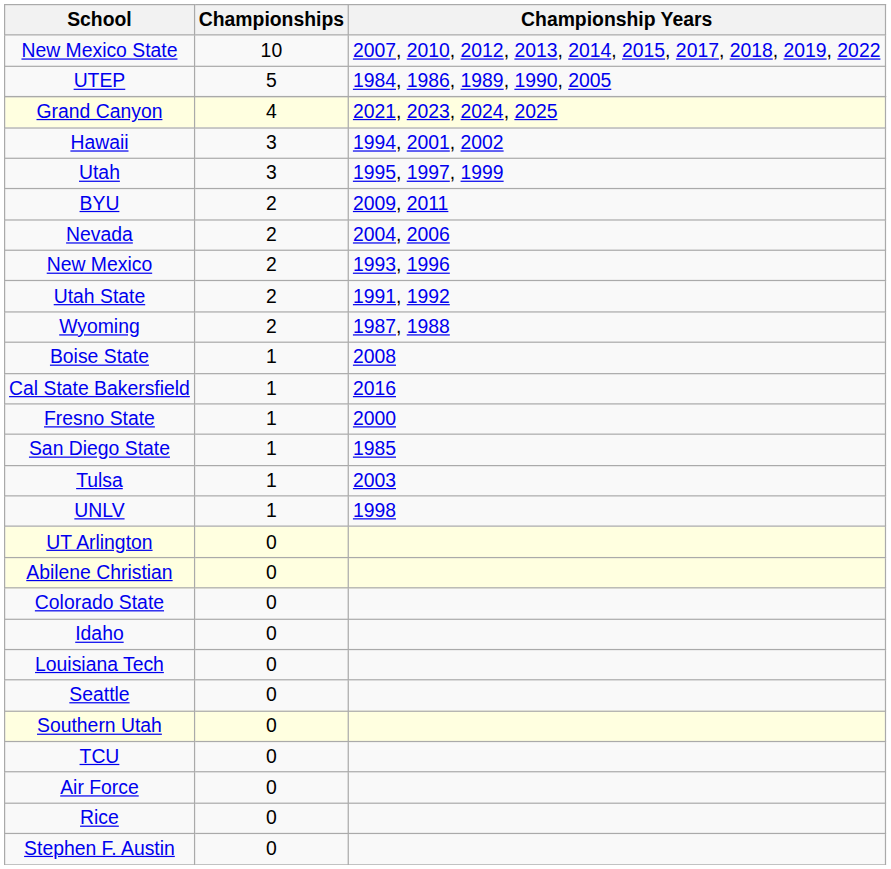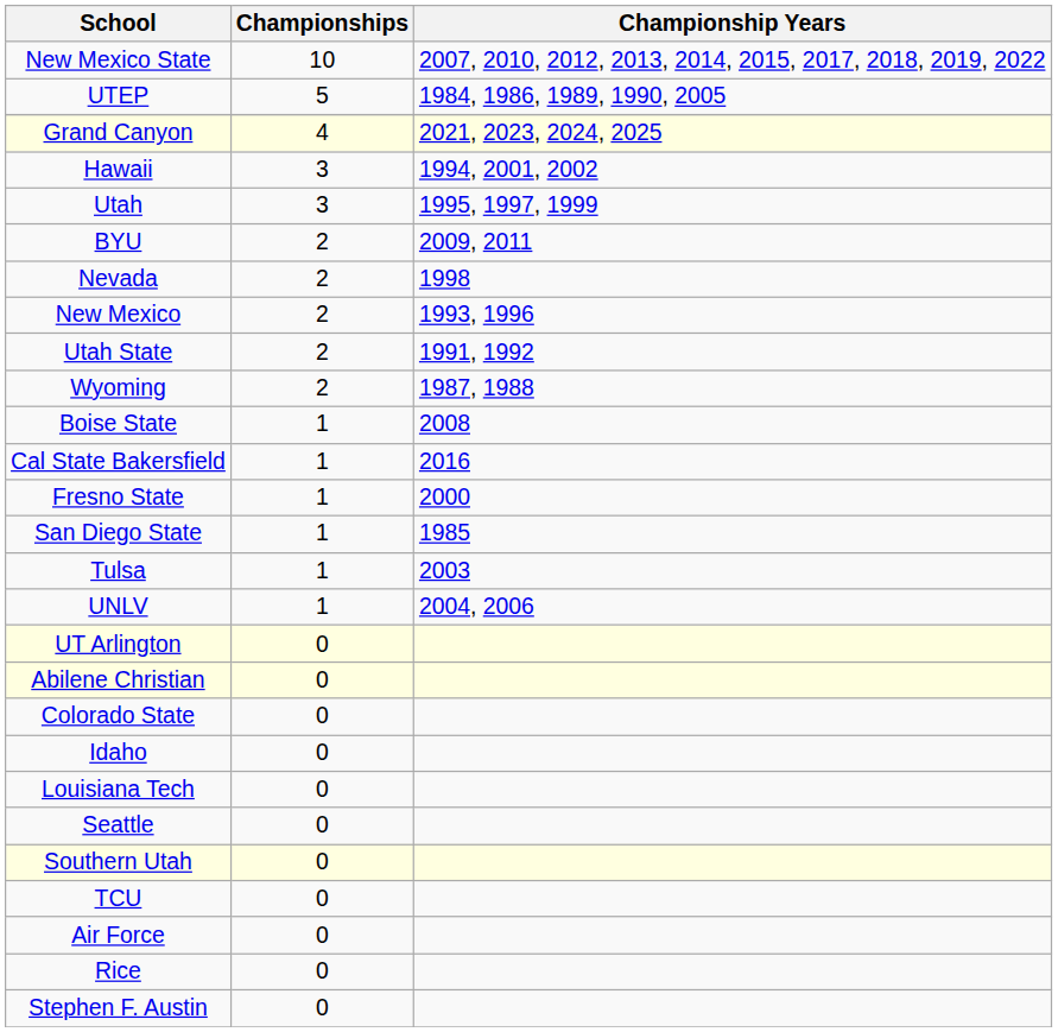 <table class="wikitable sortable" style="text-align:center">
 <tr>
 <th width=px>School</th>
 <th width=px>Championships</th>
 <th width=px>Championship Years</th>
 </tr>
 <tr>
 <td><a href='#'>New Mexico State</a></td>
 <td>10</td>
 <td align=left><a href='#'>2007</a>, <a href='#'>2010</a>, <a href='#'>2012</a>, <a href='#'>2013</a>, <a href='#'>2014</a>, <a href='#'>2015</a>, <a href='#'>2017</a>, <a href='#'>2018</a>, <a href='#'>2019</a>, <a href='#'>2022</a></td>
 </tr>
 <tr>
 <td><a href='#'>UTEP</a></td>
 <td>5</td>
 <td align=left><a href='#'>1984</a>, <a href='#'>1986</a>, <a href='#'>1989</a>, <a href='#'>1990</a>, <a href='#'>2005</a></td>
 </tr>
 <tr>
 </tr>
 <tr bgcolor=#ffffe0>
 <td><a href='#'>Grand Canyon</a></td>
 <td>4</td>
 <td align=left><a href='#'>2021</a>, <a href='#'>2023</a>, <a href='#'>2024</a>, <a href='#'>2025</a></td>
 </tr>
 <tr>
 <td><a href='#'>Hawaii</a></td>
 <td>3</td>
 <td align=left><a href='#'>1994</a>, <a href='#'>2001</a>, <a href='#'>2002</a></td>
 </tr>
 <tr>
 <td><a href='#'>Utah</a></td>
 <td>3</td>
 <td align=left><a href='#'>1995</a>, <a href='#'>1997</a>, <a href='#'>1999</a></td>
 </tr>
 <tr>
 <td><a href='#'>BYU</a></td>
 <td>2</td>
 <td align=left><a href='#'>2009</a>, <a href='#'>2011</a></td>
 </tr>
 <tr>
 <td><a href='#'>Nevada</a></td>
 <td>2</td>
-<td align=left><a href='#'>2004</a>, <a href='#'>2006</a></td>
+<td align=left><a href='#'>1998</a></td>
 </tr>
 <tr>
 <td><a href='#'>New Mexico</a></td>
 <td>2</td>
 <td align=left><a href='#'>1993</a>, <a href='#'>1996</a></td>
 </tr>
 <tr>
 <td><a href='#'>Utah State</a></td>
 <td>2</td>
 <td align=left><a href='#'>1991</a>, <a href='#'>1992</a></td>
 </tr>
 <tr>
 <td><a href='#'>Wyoming</a></td>
 <td>2</td>
 <td align=left><a href='#'>1987</a>, <a href='#'>1988</a></td>
 </tr>
 <tr>
 <td><a href='#'>Boise State</a></td>
 <td>1</td>
 <td align=left><a href='#'>2008</a></td>
 </tr>
 <tr>
 <td><a href='#'>Cal State Bakersfield</a></td>
 <td>1</td>
 <td align=left><a href='#'>2016</a></td>
 </tr>
 <tr>
 <td><a href='#'>Fresno State</a></td>
 <td>1</td>
 <td align=left><a href='#'>2000</a></td>
 </tr>
 <tr>
 <td><a href='#'>San Diego State</a></td>
 <td>1</td>
 <td align=left><a href='#'>1985</a></td>
 </tr>
 <tr>
 <td><a href='#'>Tulsa</a></td>
 <td>1</td>
 <td align=left><a href='#'>2003</a></td>
 </tr>
 <tr>
 <td><a href='#'>UNLV</a></td>
 <td>1</td>
-<td align=left><a href='#'>1998</a></td>
+<td align=left><a href='#'>2004</a>, <a href='#'>2006</a></td>
 </tr>
 <tr bgcolor=#ffffe0>
 <td><a href='#'>UT Arlington</a></td>
 <td>0</td>
 <td align=left></td>
 </tr>
 <tr bgcolor=#ffffe0>
 <td><a href='#'>Abilene Christian</a></td>
 <td>0</td>
 <td align=left></td>
 </tr>
 <tr>
 <td><a href='#'>Colorado State</a></td>
 <td>0</td>
 <td align=left></td>
 </tr>
 <tr>
 <td><a href='#'>Idaho</a></td>
 <td>0</td>
 <td align=left></td>
 </tr>
 <tr>
 <td><a href='#'>Louisiana Tech</a></td>
 <td>0</td>
 <td align=left></td>
 </tr>
 <tr>
 <td><a href='#'>Seattle</a></td>
 <td>0</td>
 <td align=left></td>
 </tr>
 <tr bgcolor=#ffffe0>
 <td><a href='#'>Southern Utah</a></td>
 <td>0</td>
 <td align=left></td>
 </tr>
 <tr>
 <td><a href='#'>TCU</a></td>
 <td>0</td>
 </tr>
 <tr>
 <td><a href='#'>Air Force</a></td>
 <td>0</td>
 <td align=left></td>
 </tr>
 <tr>
 <td><a href='#'>Rice</a></td>
 <td>0</td>
 <td align=left></td>
 </tr>
 <tr>
 <td><a href='#'>Stephen F. Austin</a></td>
 <td>0</td>
 <td></td>
 </tr>
 </table>
